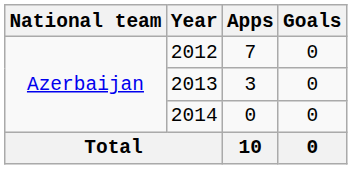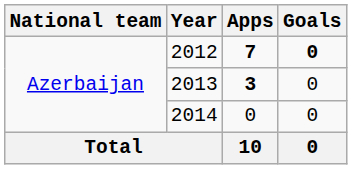 <table class="wikitable" style="text-align:center">
 <tr>
 <th>National team</th>
 <th>Year</th>
 <th>Apps</th>
 <th>Goals</th>
 </tr>
 <tr>
 <td rowspan="3"><a href='#'>Azerbaijan</a></td>
 <td>2012</td>
-<td>7</td>
-<td>0</td>
+<td><strong>7</strong></td>
+<td><strong>0</strong></td>
 </tr>
 <tr>
 <td>2013</td>
-<td>3</td>
+<td><strong>3</strong></td>
 <td>0</td>
 </tr>
 <tr>
 <td>2014</td>
 <td>0</td>
 <td>0</td>
 </tr>
 <tr>
 <th colspan="2">Total</th>
 <th>10</th>
 <th>0</th>
 </tr>
 </table>
